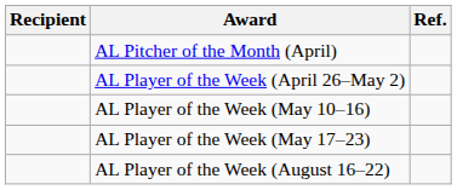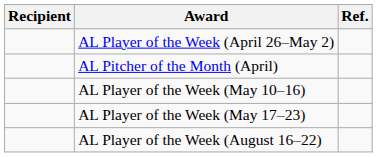 <table class="wikitable">
 <tr>
 <th>Recipient</th>
 <th>Award</th>
 <th>Ref.</th>
 </tr>
 <tr>
 <td></td>
-<td><a href='#'>AL Pitcher of the Month</a> (April)</td>
+<td><a href='#'>AL Player of the Week</a> (April 26–May 2)</td>
 <td></td>
 </tr>
 <tr>
 <td></td>
-<td><a href='#'>AL Player of the Week</a> (April 26–May 2)</td>
+<td><a href='#'>AL Pitcher of the Month</a> (April)</td>
 <td></td>
 </tr>
 <tr>
 <td></td>
 <td>AL Player of the Week (May 10–16)</td>
 <td></td>
 </tr>
 <tr>
 <td></td>
 <td>AL Player of the Week (May 17–23)</td>
 <td></td>
 </tr>
 <tr>
 <td></td>
 <td>AL Player of the Week (August 16–22)</td>
 <td></td>
 </tr>
 </table>
